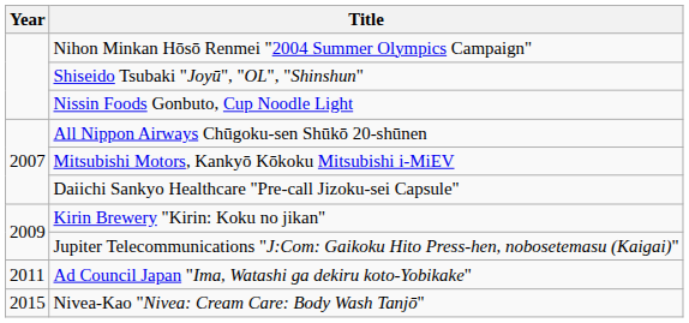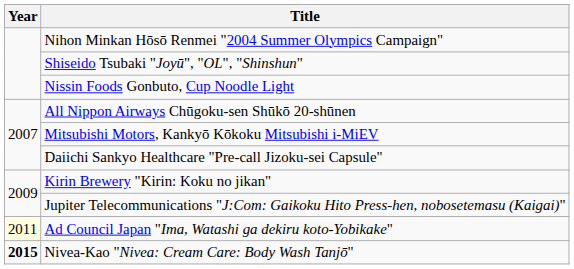 <table class="wikitable">
 <tr>
 <th>Year</th>
 <th>Title</th>
 </tr>
 <tr>
 <td rowspan="3"></td>
 <td>Nihon Minkan Hōsō Renmei "<a href='#'>2004 Summer Olympics</a> Campaign"</td>
 </tr>
 <tr>
 <td><a href='#'>Shiseido</a> Tsubaki "<em>Joyū</em>", "<em>OL</em>", "<em>Shinshun</em>"</td>
 </tr>
 <tr>
 <td><a href='#'>Nissin Foods</a> Gonbuto, <a href='#'>Cup Noodle Light</a></td>
 </tr>
 <tr>
 <td rowspan="3">2007</td>
 <td><a href='#'>All Nippon Airways</a> Chūgoku-sen Shūkō 20-shūnen</td>
 </tr>
 <tr>
 <td><a href='#'>Mitsubishi Motors</a>, Kankyō Kōkoku <a href='#'>Mitsubishi i-MiEV</a></td>
 </tr>
 <tr>
 <td>Daiichi Sankyo Healthcare "Pre-call Jizoku-sei Capsule"</td>
 </tr>
 <tr>
 <td rowspan="2">2009</td>
 <td><a href='#'>Kirin Brewery</a> "Kirin: Koku no jikan"</td>
 </tr>
 <tr>
 <td>Jupiter Telecommunications "<em>J:Com: Gaikoku Hito Press-hen, nobosetemasu (Kaigai)</em>"</td>
 </tr>
 <tr>
-<td>2011</td>
+<td style="background: lightyellow;">2011</td>
 <td><a href='#'>Ad Council Japan</a> "<em>Ima, Watashi ga dekiru koto-Yobikake</em>"</td>
 </tr>
 <tr>
-<td>2015</td>
+<td><strong>2015</strong></td>
 <td>Nivea-Kao "<em>Nivea: Cream Care: Body Wash Tanjō</em>"</td>
 </tr>
 </table>
